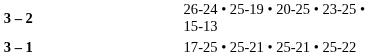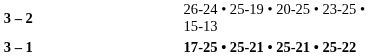 <table width=100% cellspacing=1>
 <tr>
 <th width=20%></th>
 <th width=12%></th>
 <th width=20%></th>
 <th width=33%></th>
 <td></td>
 </tr>
 <tr style=font-size:90%>
 <td align=right></td>
 <td align=center><strong>3 – 2</strong></td>
 <td></td>
 <td>26-24 • 25-19 • 20-25 • 23-25 • 15-13</td>
 <td></td>
 </tr>
 <tr style=font-size:90%>
 <td align=right></td>
 <td align=center><strong>3 – 1</strong></td>
 <td></td>
-<td>17-25 • 25-21 • 25-21 • 25-22</td>
+<td><strong>17-25 • 25-21 • 25-21 • 25-22</strong></td>
 </tr>
 </table>
